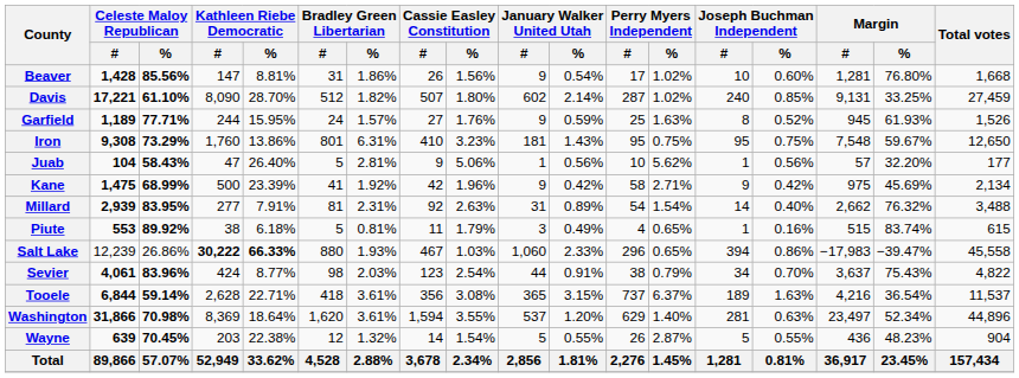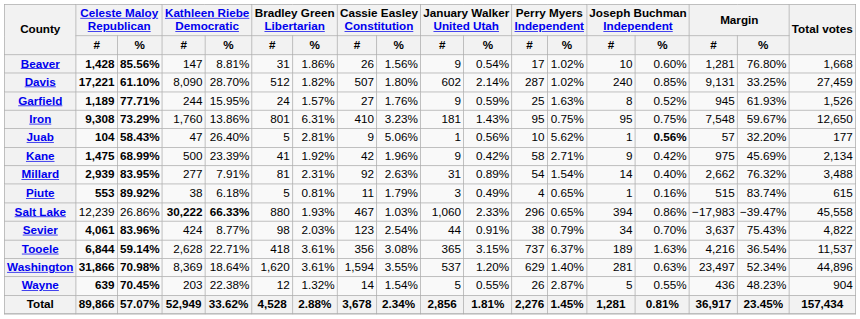 <table class="wikitable sortable" style="text-align:right">
 <tr>
 <th rowspan="2">County</th>
 <th colspan="2"><a href='#'>Celeste Maloy</a><br><a href='#'>Republican</a></th>
 <th colspan="2"><a href='#'>Kathleen Riebe</a><br><a href='#'>Democratic</a></th>
 <th colspan="2">Bradley Green<br><a href='#'>Libertarian</a></th>
 <th colspan="2">Cassie Easley<br><a href='#'>Constitution</a></th>
 <th colspan="2">January Walker<br><a href='#'>United Utah</a></th>
 <th colspan="2">Perry Myers<br><a href='#'>Independent</a></th>
 <th colspan="2">Joseph Buchman<br><a href='#'>Independent</a></th>
 <th colspan="2">Margin</th>
 <th rowspan="2">Total votes</th>
 </tr>
 <tr>
 <th data-sort-type="number">#</th>
 <th data-sort-type="number">%</th>
 <th data-sort-type="number">#</th>
 <th data-sort-type="number">%</th>
 <th data-sort-type="number">#</th>
 <th data-sort-type="number">%</th>
 <th data-sort-type="number">#</th>
 <th data-sort-type="number">%</th>
 <th data-sort-type="number">#</th>
 <th data-sort-type="number">%</th>
 <th data-sort-type="number">#</th>
 <th data-sort-type="number">%</th>
 <th data-sort-type="number">#</th>
 <th data-sort-type="number">%</th>
 <th data-sort-type="number">#</th>
 <th data-sort-type="number">%</th>
 </tr>
 <tr>
 <th><a href='#'>Beaver</a></th>
 <td><strong>1,428</strong></td>
 <td><strong>85.56%</strong></td>
 <td>147</td>
 <td>8.81%</td>
 <td>31</td>
 <td>1.86%</td>
 <td>26</td>
 <td>1.56%</td>
 <td>9</td>
 <td>0.54%</td>
 <td>17</td>
 <td>1.02%</td>
 <td>10</td>
 <td>0.60%</td>
 <td>1,281</td>
 <td>76.80%</td>
 <td>1,668</td>
 </tr>
 <tr>
 <th><a href='#'>Davis</a></th>
 <td><strong>17,221</strong></td>
 <td><strong>61.10%</strong></td>
 <td>8,090</td>
 <td>28.70%</td>
 <td>512</td>
 <td>1.82%</td>
 <td>507</td>
 <td>1.80%</td>
 <td>602</td>
 <td>2.14%</td>
 <td>287</td>
 <td>1.02%</td>
 <td>240</td>
 <td>0.85%</td>
 <td>9,131</td>
 <td>33.25%</td>
 <td>27,459</td>
 </tr>
 <tr>
 <th><a href='#'>Garfield</a></th>
 <td><strong>1,189</strong></td>
 <td><strong>77.71%</strong></td>
 <td>244</td>
 <td>15.95%</td>
 <td>24</td>
 <td>1.57%</td>
 <td>27</td>
 <td>1.76%</td>
 <td>9</td>
 <td>0.59%</td>
 <td>25</td>
 <td>1.63%</td>
 <td>8</td>
 <td>0.52%</td>
 <td>945</td>
 <td>61.93%</td>
 <td>1,526</td>
 </tr>
 <tr>
 <th><a href='#'>Iron</a></th>
 <td><strong>9,308</strong></td>
 <td><strong>73.29%</strong></td>
 <td>1,760</td>
 <td>13.86%</td>
 <td>801</td>
 <td>6.31%</td>
 <td>410</td>
 <td>3.23%</td>
 <td>181</td>
 <td>1.43%</td>
 <td>95</td>
 <td>0.75%</td>
 <td>95</td>
 <td>0.75%</td>
 <td>7,548</td>
 <td>59.67%</td>
 <td>12,650</td>
 </tr>
 <tr>
 <th><a href='#'>Juab</a></th>
 <td><strong>104</strong></td>
 <td><strong>58.43%</strong></td>
 <td>47</td>
 <td>26.40%</td>
 <td>5</td>
 <td>2.81%</td>
 <td>9</td>
 <td>5.06%</td>
 <td>1</td>
 <td>0.56%</td>
 <td>10</td>
 <td>5.62%</td>
 <td>1</td>
-<td>0.56%</td>
+<td><strong>0.56%</strong></td>
 <td>57</td>
 <td>32.20%</td>
 <td>177</td>
 </tr>
 <tr>
 <th><a href='#'>Kane</a></th>
 <td><strong>1,475</strong></td>
 <td><strong>68.99%</strong></td>
 <td>500</td>
 <td>23.39%</td>
 <td>41</td>
 <td>1.92%</td>
 <td>42</td>
 <td>1.96%</td>
 <td>9</td>
 <td>0.42%</td>
 <td>58</td>
 <td>2.71%</td>
 <td>9</td>
 <td>0.42%</td>
 <td>975</td>
 <td>45.69%</td>
 <td>2,134</td>
 </tr>
 <tr>
 <th><a href='#'>Millard</a></th>
 <td><strong>2,939</strong></td>
 <td><strong>83.95%</strong></td>
 <td>277</td>
 <td>7.91%</td>
 <td>81</td>
 <td>2.31%</td>
 <td>92</td>
 <td>2.63%</td>
 <td>31</td>
 <td>0.89%</td>
 <td>54</td>
 <td>1.54%</td>
 <td>14</td>
 <td>0.40%</td>
 <td>2,662</td>
 <td>76.32%</td>
 <td>3,488</td>
 </tr>
 <tr>
 <th><a href='#'>Piute</a></th>
 <td><strong>553</strong></td>
 <td><strong>89.92%</strong></td>
 <td>38</td>
 <td>6.18%</td>
 <td>5</td>
 <td>0.81%</td>
 <td>11</td>
 <td>1.79%</td>
 <td>3</td>
 <td>0.49%</td>
 <td>4</td>
 <td>0.65%</td>
 <td>1</td>
 <td>0.16%</td>
 <td>515</td>
 <td>83.74%</td>
 <td>615</td>
 </tr>
 <tr>
 <th><a href='#'>Salt Lake</a></th>
 <td>12,239</td>
 <td>26.86%</td>
 <td><strong>30,222</strong></td>
 <td><strong>66.33%</strong></td>
 <td>880</td>
 <td>1.93%</td>
 <td>467</td>
 <td>1.03%</td>
 <td>1,060</td>
 <td>2.33%</td>
 <td>296</td>
 <td>0.65%</td>
 <td>394</td>
 <td>0.86%</td>
 <td>−17,983</td>
 <td>−39.47%</td>
 <td>45,558</td>
 </tr>
 <tr>
 <th><a href='#'>Sevier</a></th>
 <td><strong>4,061</strong></td>
 <td><strong>83.96%</strong></td>
 <td>424</td>
 <td>8.77%</td>
 <td>98</td>
 <td>2.03%</td>
 <td>123</td>
 <td>2.54%</td>
 <td>44</td>
 <td>0.91%</td>
 <td>38</td>
 <td>0.79%</td>
 <td>34</td>
 <td>0.70%</td>
 <td>3,637</td>
 <td>75.43%</td>
 <td>4,822</td>
 </tr>
 <tr>
 <th><a href='#'>Tooele</a></th>
 <td><strong>6,844</strong></td>
 <td><strong>59.14%</strong></td>
 <td>2,628</td>
 <td>22.71%</td>
 <td>418</td>
 <td>3.61%</td>
 <td>356</td>
 <td>3.08%</td>
 <td>365</td>
 <td>3.15%</td>
 <td>737</td>
 <td>6.37%</td>
 <td>189</td>
 <td>1.63%</td>
 <td>4,216</td>
 <td>36.54%</td>
 <td>11,537</td>
 </tr>
 <tr>
 <th><a href='#'>Washington</a></th>
 <td><strong>31,866</strong></td>
 <td><strong>70.98%</strong></td>
 <td>8,369</td>
 <td>18.64%</td>
 <td>1,620</td>
 <td>3.61%</td>
 <td>1,594</td>
 <td>3.55%</td>
 <td>537</td>
 <td>1.20%</td>
 <td>629</td>
 <td>1.40%</td>
 <td>281</td>
 <td>0.63%</td>
 <td>23,497</td>
 <td>52.34%</td>
 <td>44,896</td>
 </tr>
 <tr>
 <th><a href='#'>Wayne</a></th>
 <td><strong>639</strong></td>
 <td><strong>70.45%</strong></td>
 <td>203</td>
 <td>22.38%</td>
 <td>12</td>
 <td>1.32%</td>
 <td>14</td>
 <td>1.54%</td>
 <td>5</td>
 <td>0.55%</td>
 <td>26</td>
 <td>2.87%</td>
 <td>5</td>
 <td>0.55%</td>
 <td>436</td>
 <td>48.23%</td>
 <td>904</td>
 </tr>
 <tr>
 <th>Total</th>
 <th>89,866</th>
 <th>57.07%</th>
 <th>52,949</th>
 <th>33.62%</th>
 <th>4,528</th>
 <th>2.88%</th>
 <th>3,678</th>
 <th>2.34%</th>
 <th>2,856</th>
 <th>1.81%</th>
 <th>2,276</th>
 <th>1.45%</th>
 <th>1,281</th>
 <th>0.81%</th>
 <th>36,917</th>
 <th>23.45%</th>
 <th>157,434</th>
 </tr>
 <tr>
 </tr>
 </table>
